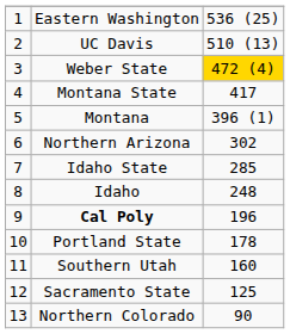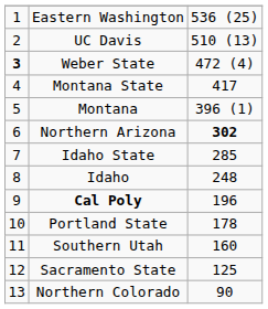 <table class="wikitable" style="display: inline-table;">
 <tr align="center">
 </tr>
 <tr align="center">
 <td>1</td>
 <td>Eastern Washington</td>
 <td>536 (25)</td>
 </tr>
 <tr align="center">
 <td>2</td>
 <td>UC Davis</td>
 <td>510 (13)</td>
 </tr>
 <tr align="center">
-<td>3</td>
+<td><strong>3</strong></td>
 <td>Weber State</td>
-<td style="background: gold;">472 (4)</td>
+<td>472 (4)</td>
 </tr>
 <tr align="center">
 <td>4</td>
 <td>Montana State</td>
 <td>417</td>
 </tr>
 <tr align="center">
 <td>5</td>
 <td>Montana</td>
 <td>396 (1)</td>
 </tr>
 <tr align="center">
 <td>6</td>
 <td>Northern Arizona</td>
-<td>302</td>
+<td><strong>302</strong></td>
 </tr>
 <tr align="center">
 <td>7</td>
 <td>Idaho State</td>
 <td>285</td>
 </tr>
 <tr align="center">
 <td>8</td>
 <td>Idaho</td>
 <td>248</td>
 </tr>
 <tr align="center">
 <td>9</td>
 <td><strong>Cal Poly</strong></td>
 <td>196</td>
 </tr>
 <tr align="center">
 <td>10</td>
 <td>Portland State</td>
 <td>178</td>
 </tr>
 <tr align="center">
 <td>11</td>
 <td>Southern Utah</td>
 <td>160</td>
 </tr>
 <tr align="center">
 <td>12</td>
 <td>Sacramento State</td>
 <td>125</td>
 </tr>
 <tr align="center">
 <td>13</td>
 <td>Northern Colorado</td>
 <td>90</td>
 </tr>
 </table>
